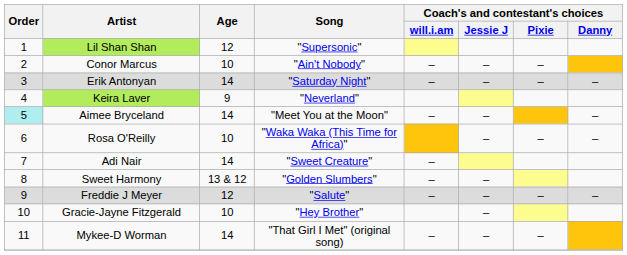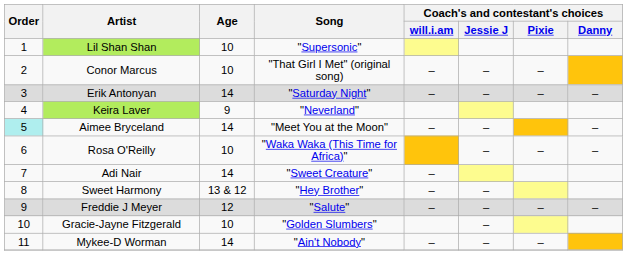 <table class="wikitable" style="text-align:center; line-height:17px; font-size:100%; width:100%;">
 <tr>
 <th width="5%" rowspan="2" scope="col">Order</th>
 <th scope="col" rowspan="2" width="23%">Artist</th>
 <th width="8%" rowspan="2" scope="col">Age</th>
 <th scope="col" rowspan="2" width="22%">Song</th>
 <th scope="col" colspan="4" width="24%">Coach's and contestant's choices</th>
 </tr>
 <tr>
 <th width="8%"><a href='#'>will.i.am</a></th>
 <th width="8%"><a href='#'>Jessie J</a></th>
 <th width="8%"><a href='#'>Pixie</a></th>
 <th width="8%"><a href='#'>Danny</a></th>
 </tr>
 <tr>
 <td scope="row">1</td>
 <td style="background-color:#B2EC5D;">Lil Shan Shan</td>
-<td>12</td>
+<td>10</td>
 <td>"<a href='#'>Supersonic</a>"</td>
 <td style="background:#fdfc8f;"><strong></strong></td>
 <td><strong></strong></td>
 <td><strong></strong></td>
 <td><strong></strong></td>
 </tr>
 <tr>
 <td scope="row">2</td>
 <td>Conor Marcus</td>
 <td>10</td>
-<td>"<a href='#'>Ain't Nobody</a>"</td>
+<td>"That Girl I Met" (original song)</td>
 <td>–</td>
 <td>–</td>
 <td>–</td>
 <td style="background:#FFC40C;"><strong></strong></td>
 </tr>
 <tr bgcolor="#dcdcdc">
 <td scope="row">3</td>
 <td>Erik Antonyan</td>
 <td>14</td>
 <td>"<a href='#'>Saturday Night</a>"</td>
 <td>–</td>
 <td>–</td>
 <td>–</td>
 <td>–</td>
 </tr>
 <tr>
 <td scope="row">4</td>
 <td style="background-color:#B2EC5D;">Keira Laver</td>
 <td>9</td>
 <td>"<a href='#'>Neverland</a>"</td>
 <td><strong></strong></td>
 <td style="background:#fdfc8f;"><strong></strong></td>
 <td><strong></strong></td>
 <td><strong></strong></td>
 </tr>
 <tr>
 <td scope="row" style="background: paleturquoise;">5</td>
 <td>Aimee Bryceland</td>
 <td>14</td>
 <td>"Meet You at the Moon"</td>
 <td>–</td>
 <td>–</td>
 <td style="background:#FFC40C;"><strong></strong></td>
 <td>–</td>
 </tr>
 <tr>
 <td scope="row">6</td>
 <td>Rosa O'Reilly</td>
 <td>10</td>
 <td>"<a href='#'>Waka Waka (This Time for Africa)</a>"</td>
 <td style="background:#FFC40C;"><strong></strong></td>
 <td>–</td>
 <td>–</td>
 <td>–</td>
 </tr>
 <tr>
 <td scope="row">7</td>
 <td>Adi Nair</td>
 <td>14</td>
 <td>"<a href='#'>Sweet Creature</a>"</td>
 <td>–</td>
 <td style="background:#fdfc8f;"><strong></strong></td>
 <td><strong></strong></td>
 <td><strong></strong></td>
 </tr>
 <tr>
 <td scope="row">8</td>
 <td>Sweet Harmony</td>
 <td>13 & 12</td>
-<td>"<a href='#'>Golden Slumbers</a>"</td>
+<td>"<a href='#'>Hey Brother</a>"</td>
 <td>–</td>
 <td>–</td>
 <td style="background:#fdfc8f;"><strong></strong></td>
 <td><strong></strong></td>
 </tr>
 <tr bgcolor="#dcdcdc">
 <td scope="row">9</td>
 <td>Freddie J Meyer</td>
 <td>12</td>
 <td>"<a href='#'>Salute</a>"</td>
 <td>–</td>
 <td>–</td>
 <td>–</td>
 <td>–</td>
 </tr>
 <tr>
 <td scope="row">10</td>
 <td>Gracie-Jayne Fitzgerald</td>
 <td>10</td>
-<td>"<a href='#'>Hey Brother</a>"</td>
+<td>"<a href='#'>Golden Slumbers</a>"</td>
 <td><strong></strong></td>
 <td>–</td>
 <td style="background:#fdfc8f;"><strong></strong></td>
 <td><strong></strong></td>
 </tr>
 <tr>
 <td scope="row">11</td>
 <td>Mykee-D Worman</td>
 <td>14</td>
-<td>"That Girl I Met" (original song)</td>
+<td>"<a href='#'>Ain't Nobody</a>"</td>
 <td>–</td>
 <td>–</td>
 <td>–</td>
 <td style="background:#FFC40C;"><strong></strong></td>
 </tr>
 <tr>
 </tr>
 </table>
